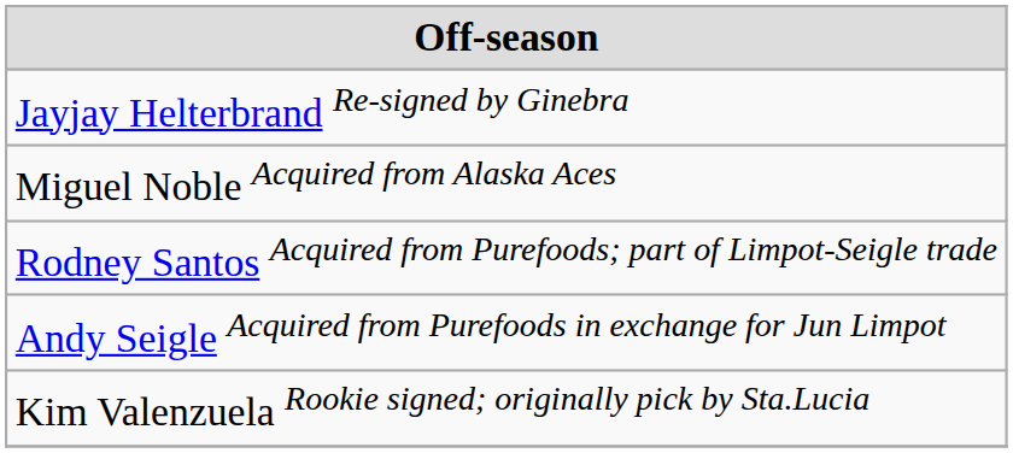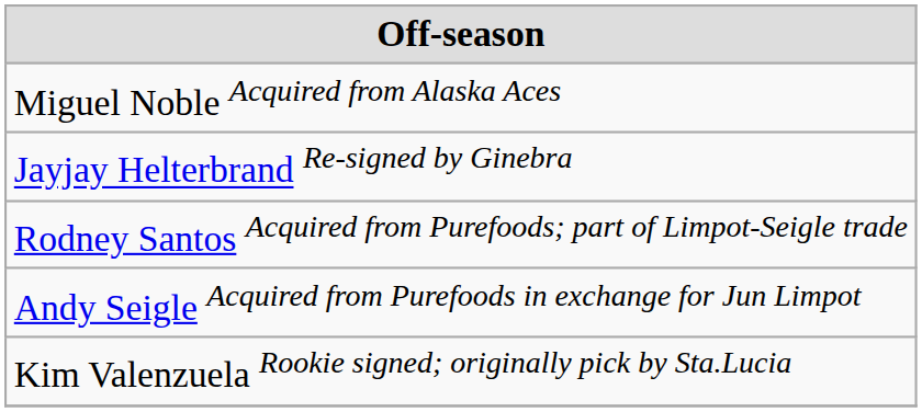 <table class="wikitable">
 <tr>
 <th style="background:#dddddd;">Off-season</th>
 </tr>
 <tr>
-<td><a href='#'>Jayjay Helterbrand</a> <sup><em>Re-signed by Ginebra</em></sup></td>
+<td>Miguel Noble <sup><em>Acquired from Alaska Aces</em></sup></td>
 </tr>
 <tr>
-<td>Miguel Noble <sup><em>Acquired from Alaska Aces</em></sup></td>
+<td><a href='#'>Jayjay Helterbrand</a> <sup><em>Re-signed by Ginebra</em></sup></td>
 </tr>
 <tr>
 <td><a href='#'>Rodney Santos</a> <sup><em>Acquired from Purefoods; part of Limpot-Seigle trade</em></sup></td>
 </tr>
 <tr>
 <td><a href='#'>Andy Seigle</a> <sup><em>Acquired from Purefoods in exchange for Jun Limpot</em></sup> </td>
 </tr>
 <tr>
 <td>Kim Valenzuela <sup><em>Rookie signed; originally pick by Sta.Lucia</em></sup></td>
 </tr>
 <tr>
 </tr>
 </table>
